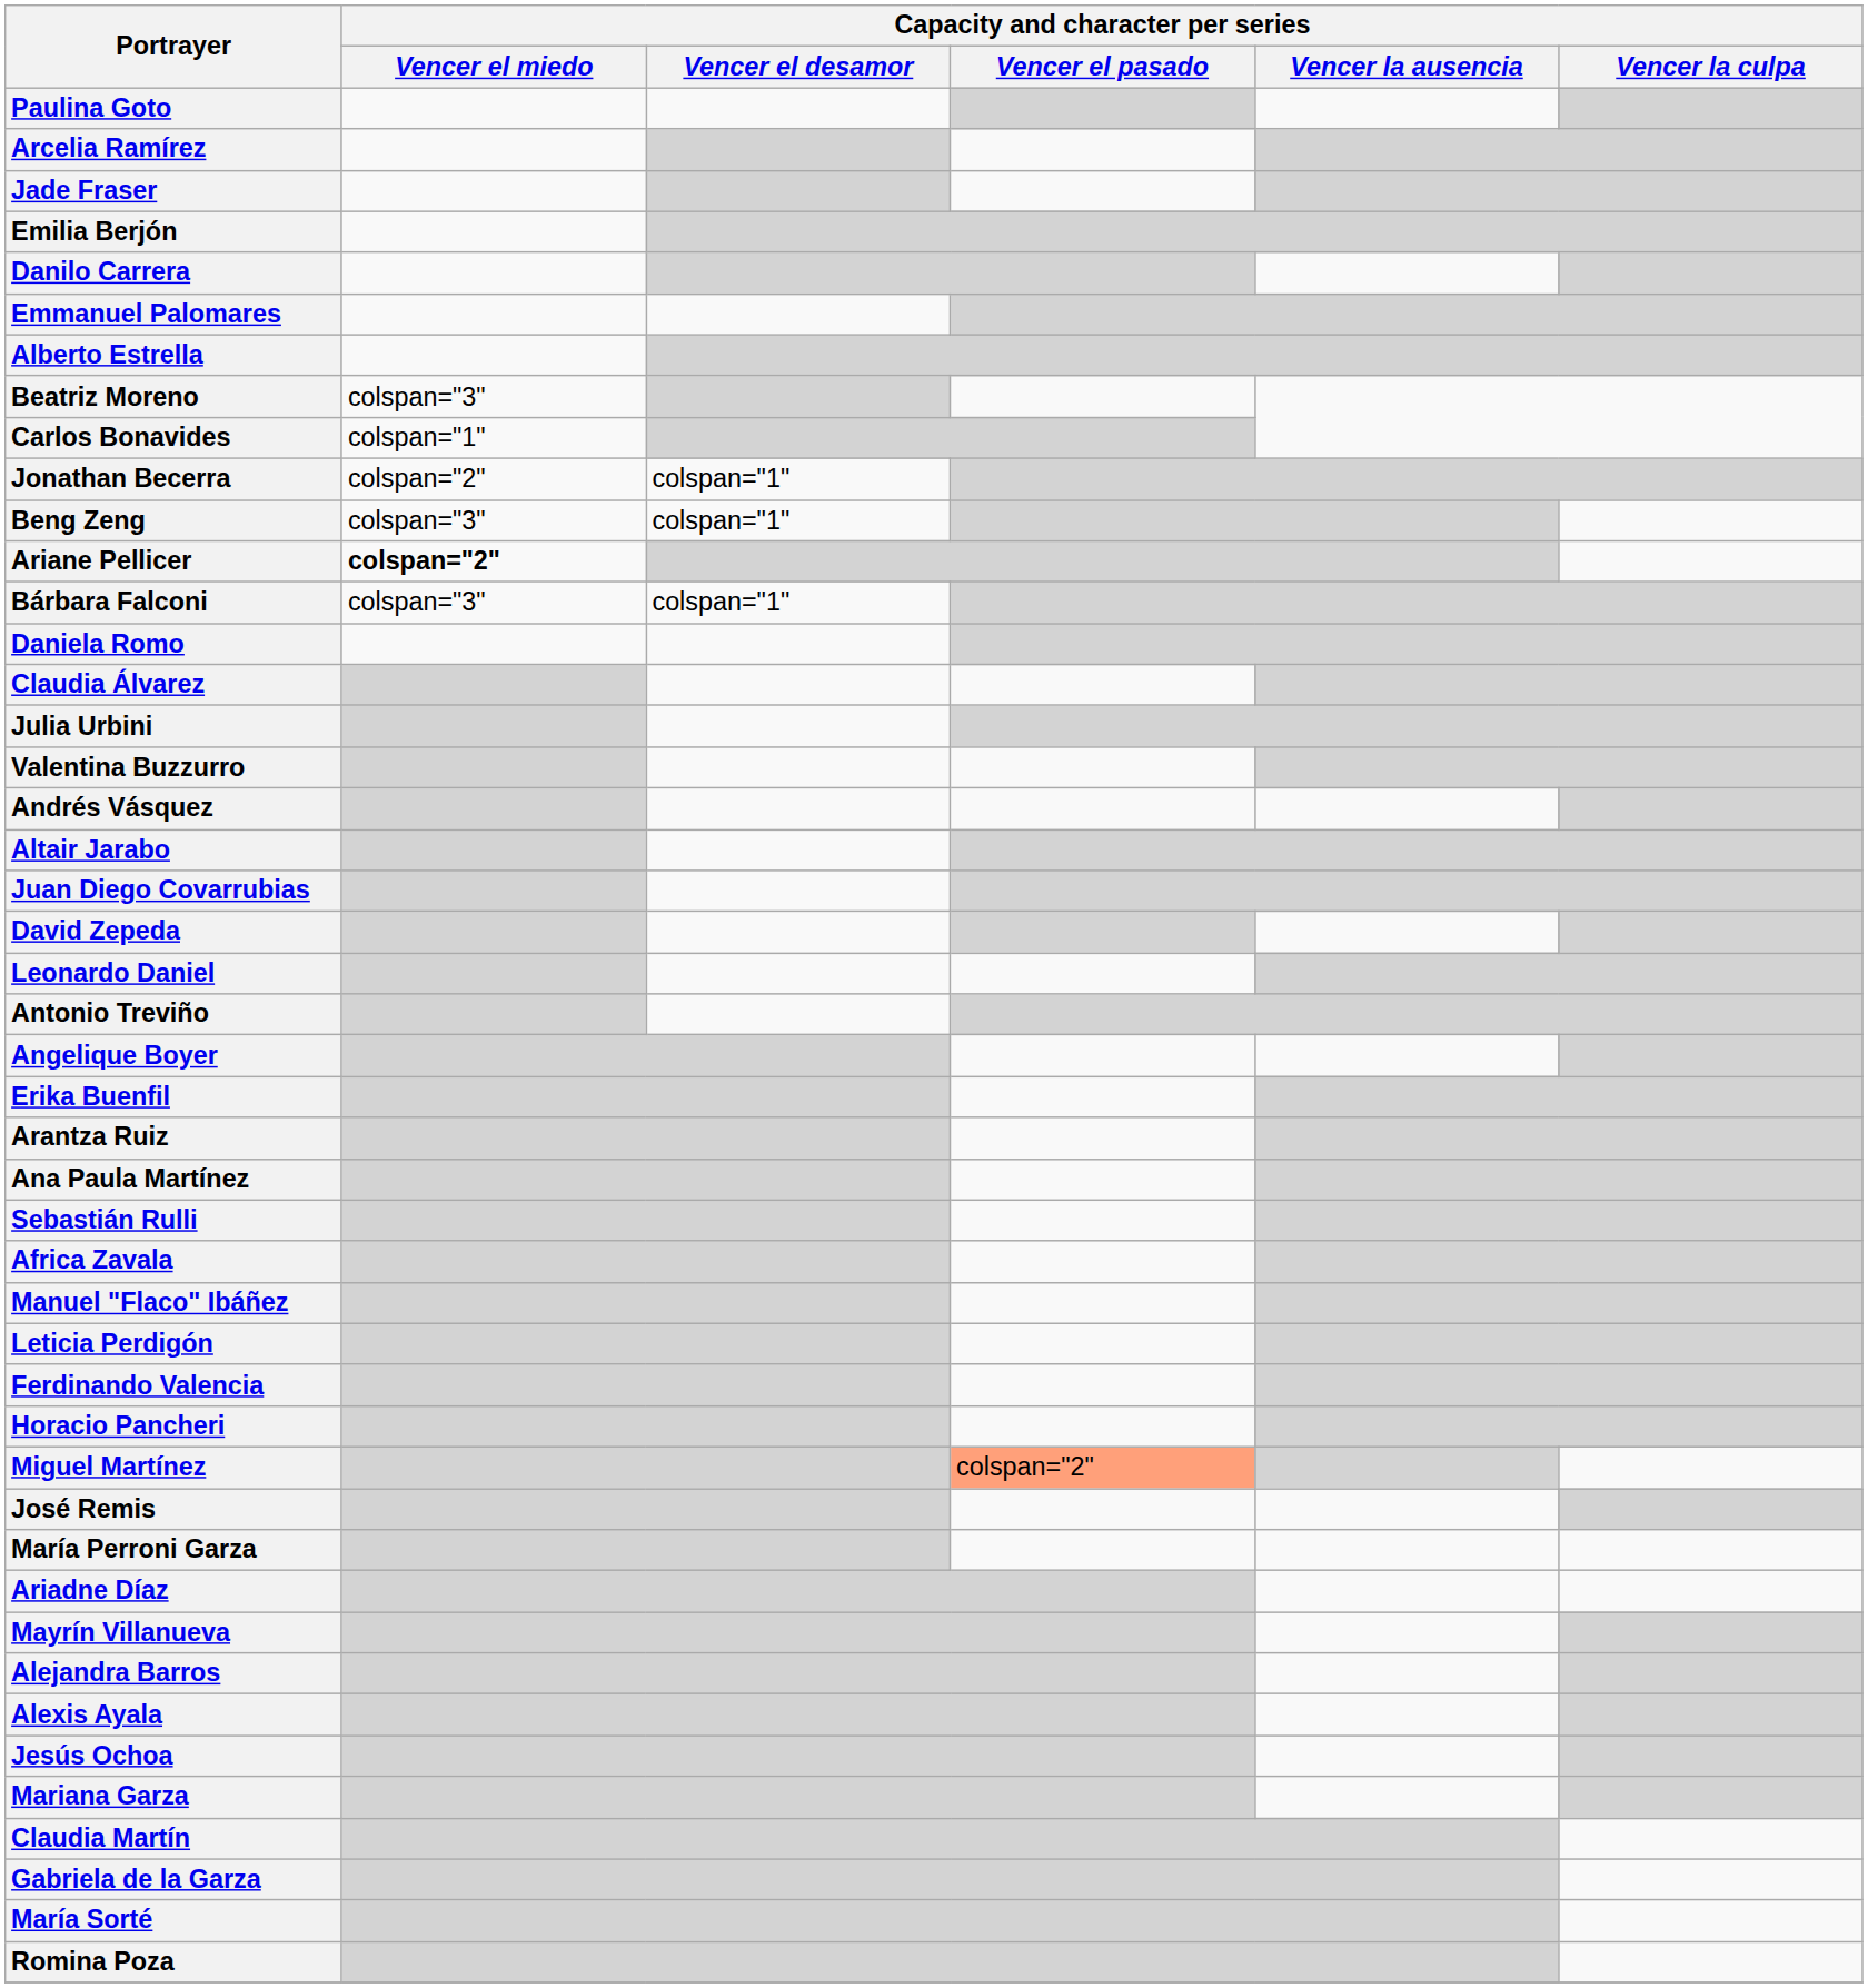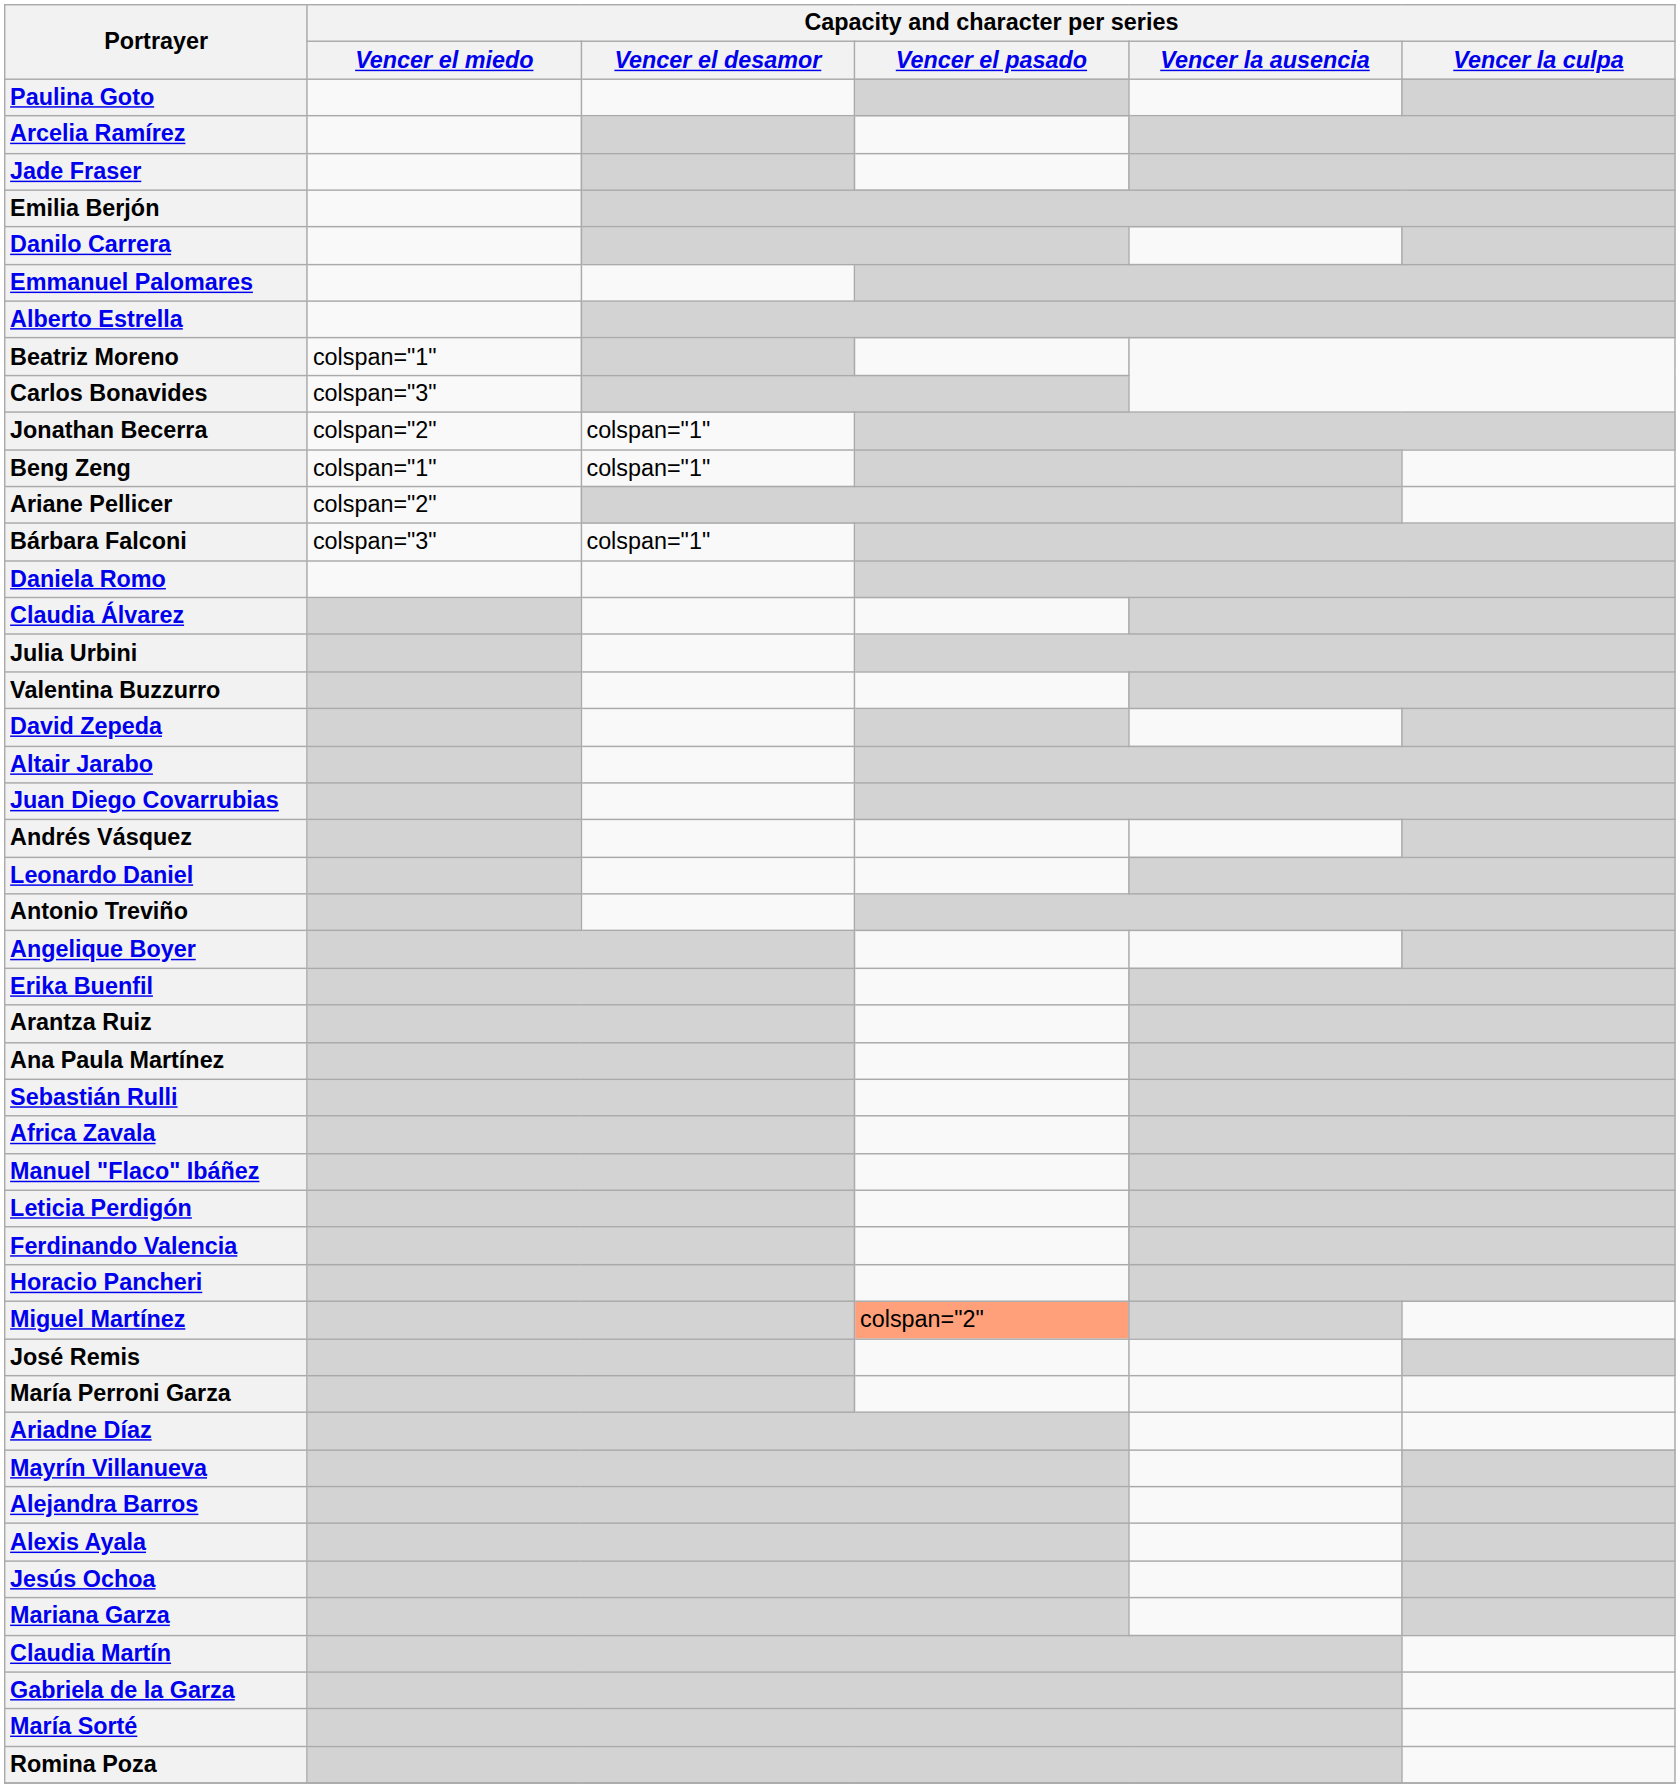 <table class="wikitable plainrowheaders">
 <tr>
 <th scope="col" rowspan="2" width="200px">Portrayer</th>
 <th colspan="5" scope="col">Capacity and character per series</th>
 </tr>
 <tr>
 <th scope="col" style="width: 180px"><em><a href='#'>Vencer el miedo</a></em></th>
 <th scope="col" style="width: 180px"><em><a href='#'>Vencer el desamor</a></em></th>
 <th scope="col" style="width: 180px"><em><a href='#'>Vencer el pasado</a></em></th>
 <th scope="col" style="width: 180px"><em><a href='#'>Vencer la ausencia</a></em></th>
 <th scope="col" style="width: 180px"><em><a href='#'>Vencer la culpa</a></em></th>
 </tr>
 <tr>
 <th scope="row" style="text-align:left"><a href='#'>Paulina Goto</a></th>
 <td></td>
 <td></td>
 <td style="background-color:lightgrey;"> </td>
 <td></td>
 <td style="background-color:lightgrey;"> </td>
 </tr>
 <tr>
 <th scope="row" style="text-align:left"><a href='#'>Arcelia Ramírez</a></th>
 <td></td>
 <td style="background-color:lightgrey;"> </td>
 <td></td>
 <td colspan="2" style="background-color:lightgrey;"> </td>
 </tr>
 <tr>
 <th scope="row" style="text-align:left"><a href='#'>Jade Fraser</a></th>
 <td></td>
 <td style="background-color:lightgrey;"> </td>
 <td></td>
 <td colspan="2" style="background-color:lightgrey;"> </td>
 </tr>
 <tr>
 <th scope="row" style="text-align:left">Emilia Berjón</th>
 <td></td>
 <td colspan="4" style="background-color:lightgrey;"> </td>
 </tr>
 <tr>
 <th scope="row" style="text-align:left"><a href='#'>Danilo Carrera</a></th>
 <td></td>
 <td colspan="2" style="background-color:lightgrey;"> </td>
 <td></td>
 <td style="background-color:lightgrey;"> </td>
 </tr>
 <tr>
 <th scope="row" style="text-align:left"><a href='#'>Emmanuel Palomares</a></th>
 <td></td>
 <td></td>
 <td colspan="3" style="background-color:lightgrey;"> </td>
 </tr>
 <tr>
 <th scope="row" style="text-align:left"><a href='#'>Alberto Estrella</a></th>
 <td></td>
 <td colspan="4" style="background-color:lightgrey;"> </td>
 </tr>
 <tr>
 <th scope="row" style="text-align:left">Beatriz Moreno</th>
-<td>colspan="3" </td>
+<td>colspan="1" </td>
 <td style="background-color:lightgrey;"> </td>
 <td></td>
 </tr>
 <tr>
 <th scope="row" style="text-align:left">Carlos Bonavides</th>
-<td>colspan="1" </td>
+<td>colspan="3" </td>
 <td colspan="2" style="background-color:lightgrey;"> </td>
 </tr>
 <tr>
 <th scope="row" style="text-align:left">Jonathan Becerra</th>
 <td>colspan="2" </td>
 <td>colspan="1" </td>
 <td colspan="3" style="background-color:lightgrey;"> </td>
 </tr>
 <tr>
 <th scope="row" style="text-align:left">Beng Zeng</th>
-<td>colspan="3" </td>
+<td>colspan="1" </td>
 <td>colspan="1" </td>
 <td colspan="2" style="background-color:lightgrey;"> </td>
 <td></td>
 </tr>
 <tr>
 <th scope="row" style="text-align:left">Ariane Pellicer</th>
-<td><strong>colspan="2" </strong></td>
+<td>colspan="2" </td>
 <td colspan="3" style="background-color:lightgrey;"> </td>
 </tr>
 <tr>
 <th scope="row" style="text-align:left">Bárbara Falconi</th>
 <td>colspan="3" </td>
 <td>colspan="1" </td>
 <td colspan="3" style="background-color:lightgrey;"> </td>
 </tr>
 <tr>
 <th scope="row" style="text-align:left"><a href='#'>Daniela Romo</a></th>
 <td></td>
 <td></td>
 <td colspan="3" style="background-color:lightgrey;"> </td>
 </tr>
 <tr>
 <th scope="row" style="text-align:left"><a href='#'>Claudia Álvarez</a></th>
 <td style="background-color:lightgrey;"> </td>
 <td></td>
 <td></td>
 <td colspan="2" style="background-color:lightgrey;"> </td>
 </tr>
 <tr>
 <th scope="row" style="text-align:left">Julia Urbini</th>
 <td style="background-color:lightgrey;"> </td>
 <td></td>
 <td colspan="3" style="background-color:lightgrey;"> </td>
 </tr>
 <tr>
 <th scope="row" style="text-align:left">Valentina Buzzurro</th>
 <td style="background-color:lightgrey;"> </td>
 <td></td>
 <td></td>
 <td colspan="2" style="background-color:lightgrey;"> </td>
 </tr>
 <tr>
-<th scope="row" style="text-align:left">Andrés Vásquez</th>
+<th scope="row" style="text-align:left"><a href='#'>David Zepeda</a></th>
 <td style="background-color:lightgrey;"> </td>
 <td></td>
-<td></td>
+<td style="background-color:lightgrey;"> </td>
 <td></td>
 <td style="background-color:lightgrey;"> </td>
 </tr>
 <tr>
 <th scope="row" style="text-align:left"><a href='#'>Altair Jarabo</a></th>
 <td style="background-color:lightgrey;"> </td>
 <td></td>
 <td colspan="3" style="background-color:lightgrey;"> </td>
 </tr>
 <tr>
 <th scope="row" style="text-align:left"><a href='#'>Juan Diego Covarrubias</a></th>
 <td style="background-color:lightgrey;"> </td>
 <td></td>
 <td colspan="3" style="background-color:lightgrey;"> </td>
 </tr>
 <tr>
-<th scope="row" style="text-align:left"><a href='#'>David Zepeda</a></th>
+<th scope="row" style="text-align:left">Andrés Vásquez</th>
 <td style="background-color:lightgrey;"> </td>
 <td></td>
-<td style="background-color:lightgrey;"> </td>
+<td></td>
 <td></td>
 <td style="background-color:lightgrey;"> </td>
 </tr>
 <tr>
 <th scope="row" style="text-align:left"><a href='#'>Leonardo Daniel</a></th>
 <td style="background-color:lightgrey;"> </td>
 <td></td>
 <td></td>
 <td colspan="2" style="background-color:lightgrey;"> </td>
 </tr>
 <tr>
 <th scope="row" style="text-align:left">Antonio Treviño</th>
 <td style="background-color:lightgrey;"> </td>
 <td></td>
 <td colspan="3" style="background-color:lightgrey;"> </td>
 </tr>
 <tr>
 <th scope="row" style="text-align:left"><a href='#'>Angelique Boyer</a></th>
 <td colspan="2" style="background-color:lightgrey;"> </td>
 <td></td>
 <td></td>
 <td style="background-color:lightgrey;"> </td>
 </tr>
 <tr>
 <th scope="row" style="text-align:left"><a href='#'>Erika Buenfil</a></th>
 <td colspan="2" style="background-color:lightgrey;"> </td>
 <td></td>
 <td colspan="2" style="background-color:lightgrey;"> </td>
 </tr>
 <tr>
 <th scope="row" style="text-align:left">Arantza Ruiz</th>
 <td colspan="2" style="background-color:lightgrey;"> </td>
 <td></td>
 <td colspan="2" style="background-color:lightgrey;"> </td>
 </tr>
 <tr>
 <th scope="row" style="text-align:left">Ana Paula Martínez</th>
 <td colspan="2" style="background-color:lightgrey;"> </td>
 <td></td>
 <td colspan="2" style="background-color:lightgrey;"> </td>
 </tr>
 <tr>
 <th scope="row" style="text-align:left"><a href='#'>Sebastián Rulli</a></th>
 <td colspan="2" style="background-color:lightgrey;"> </td>
 <td></td>
 <td colspan="2" style="background-color:lightgrey;"> </td>
 </tr>
 <tr>
 <th scope="row" style="text-align:left"><a href='#'>Africa Zavala</a></th>
 <td colspan="2" style="background-color:lightgrey;"> </td>
 <td></td>
 <td colspan="2" style="background-color:lightgrey;"> </td>
 </tr>
 <tr>
 <th scope="row" style="text-align:left"><a href='#'>Manuel "Flaco" Ibáñez</a></th>
 <td colspan="2" style="background-color:lightgrey;"> </td>
 <td></td>
 <td colspan="2" style="background-color:lightgrey;"> </td>
 </tr>
 <tr>
 <th scope="row" style="text-align:left"><a href='#'>Leticia Perdigón</a></th>
 <td colspan="2" style="background-color:lightgrey;"> </td>
 <td></td>
 <td colspan="2" style="background-color:lightgrey;"> </td>
 </tr>
 <tr>
 <th scope="row" style="text-align:left"><a href='#'>Ferdinando Valencia</a></th>
 <td colspan="2" style="background-color:lightgrey;"> </td>
 <td></td>
 <td colspan="2" style="background-color:lightgrey;"> </td>
 </tr>
 <tr>
 <th scope="row" style="text-align:left"><a href='#'>Horacio Pancheri</a></th>
 <td colspan="2" style="background-color:lightgrey;"> </td>
 <td></td>
 <td colspan="2" style="background-color:lightgrey;"> </td>
 </tr>
 <tr>
 <th scope="row" style="text-align:left"><a href='#'>Miguel Martínez</a></th>
 <td colspan="2" style="background-color:lightgrey;"> </td>
 <td style="background: lightsalmon;">colspan="2" </td>
 <td style="background-color:lightgrey;"> </td>
 </tr>
 <tr>
 <th scope="row" style="text-align:left">José Remis</th>
 <td colspan="2" style="background-color:lightgrey;"> </td>
 <td></td>
 <td></td>
 <td style="background-color:lightgrey;"> </td>
 </tr>
 <tr>
 <th scope="row" style="text-align:left">María Perroni Garza</th>
 <td colspan="2" style="background-color:lightgrey;"> </td>
 <td></td>
 <td></td>
 <td></td>
 </tr>
 <tr>
 <th scope="row" style="text-align:left"><a href='#'>Ariadne Díaz</a></th>
 <td colspan="3" style="background-color:lightgrey;"> </td>
 <td></td>
 <td></td>
 </tr>
 <tr>
 <th scope="row" style="text-align:left"><a href='#'>Mayrín Villanueva</a></th>
 <td colspan="3" style="background-color:lightgrey;"> </td>
 <td></td>
 <td style="background-color:lightgrey;"> </td>
 </tr>
 <tr>
 <th scope="row" style="text-align:left"><a href='#'>Alejandra Barros</a></th>
 <td colspan="3" style="background-color:lightgrey;"> </td>
 <td></td>
 <td style="background-color:lightgrey;"> </td>
 </tr>
 <tr>
 <th scope="row" style="text-align:left"><a href='#'>Alexis Ayala</a></th>
 <td colspan="3" style="background-color:lightgrey;"> </td>
 <td></td>
 <td style="background-color:lightgrey;"> </td>
 </tr>
 <tr>
 <th scope="row" style="text-align:left"><a href='#'>Jesús Ochoa</a></th>
 <td colspan="3" style="background-color:lightgrey;"> </td>
 <td></td>
 <td style="background-color:lightgrey;"> </td>
 </tr>
 <tr>
 <th scope="row" style="text-align:left"><a href='#'>Mariana Garza</a></th>
 <td colspan="3" style="background-color:lightgrey;"> </td>
 <td></td>
 <td style="background-color:lightgrey;"> </td>
 </tr>
 <tr>
 <th scope="row" style="text-align:left"><a href='#'>Claudia Martín</a></th>
 <td colspan="4" style="background-color:lightgrey;"> </td>
 <td></td>
 </tr>
 <tr>
 <th scope="row" style="text-align:left"><a href='#'>Gabriela de la Garza</a></th>
 <td colspan="4" style="background-color:lightgrey;"> </td>
 <td></td>
 </tr>
 <tr>
 <th scope="row" style="text-align:left"><a href='#'>María Sorté</a></th>
 <td colspan="4" style="background-color:lightgrey;"> </td>
 <td></td>
 </tr>
 <tr>
 <th scope="row" style="text-align:left">Romina Poza</th>
 <td colspan="4" style="background-color:lightgrey;"> </td>
 <td></td>
 </tr>
 <tr>
 </tr>
 </table>
